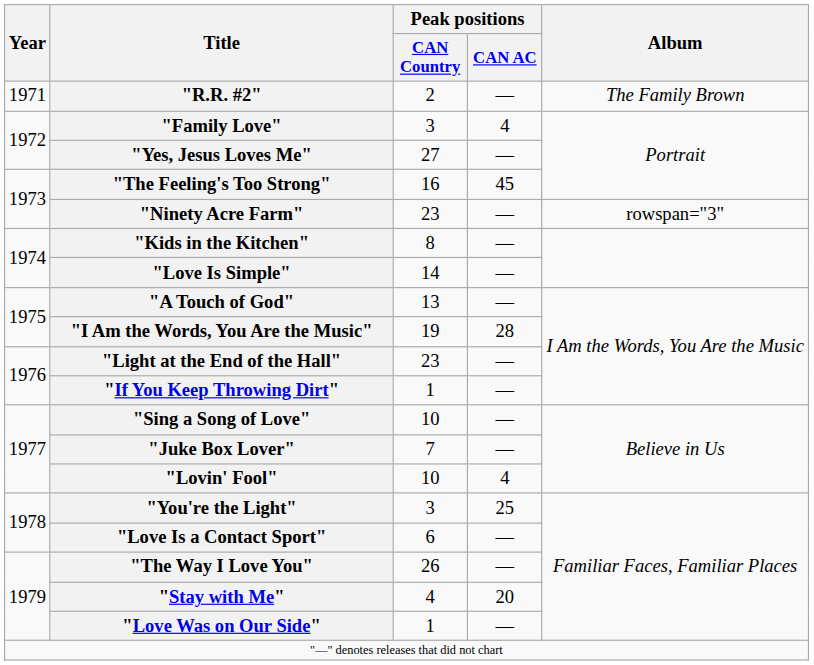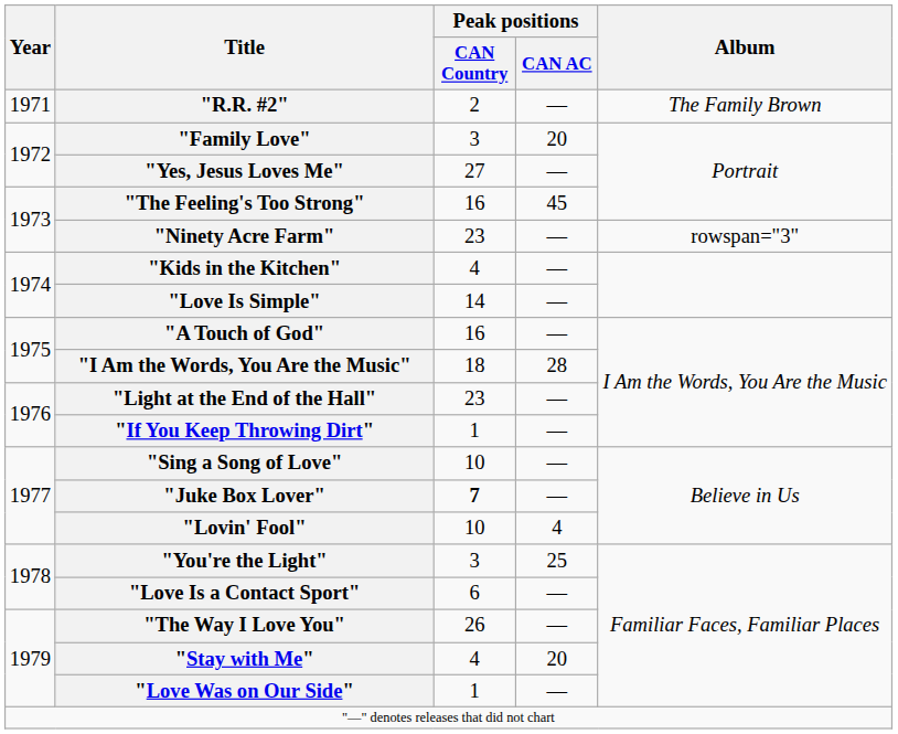 <table class="wikitable plainrowheaders" style=text-align:center;>
 <tr>
 <th scope="col" rowspan="2">Year</th>
 <th scope="col" rowspan="2" style="width:18em;">Title</th>
 <th scope="col" colspan="2">Peak positions</th>
 <th scope="col" rowspan="2">Album</th>
 </tr>
 <tr>
 <th style="width:4em;font-size:90%;"><a href='#'>CAN Country</a><br></th>
 <th style="width:4em;font-size:90%;"><a href='#'>CAN AC</a><br></th>
 </tr>
 <tr>
 <td>1971</td>
 <th scope="row">"R.R. #2"</th>
 <td>2</td>
 <td>—</td>
 <td><em>The Family Brown</em></td>
 </tr>
 <tr>
 <td rowspan="2">1972</td>
 <th scope="row">"Family Love"</th>
 <td>3</td>
-<td>4</td>
+<td>20</td>
 <td rowspan="3"><em>Portrait</em></td>
 </tr>
 <tr>
 <th scope="row">"Yes, Jesus Loves Me"</th>
 <td>27</td>
 <td>—</td>
 </tr>
 <tr>
 <td rowspan="2">1973</td>
 <th scope="row">"The Feeling's Too Strong"</th>
 <td>16</td>
 <td>45</td>
 </tr>
 <tr>
 <th scope="row">"Ninety Acre Farm"</th>
 <td>23</td>
 <td>—</td>
 <td>rowspan="3" </td>
 </tr>
 <tr>
 <td rowspan="2">1974</td>
 <th scope="row">"Kids in the Kitchen"</th>
-<td>8</td>
+<td>4</td>
 <td>—</td>
 </tr>
 <tr>
 <th scope="row">"Love Is Simple"</th>
 <td>14</td>
 <td>—</td>
 </tr>
 <tr>
 <td rowspan="2">1975</td>
 <th scope="row">"A Touch of God"</th>
-<td>13</td>
+<td>16</td>
 <td>—</td>
 <td rowspan="4"><em>I Am the Words, You Are the Music</em></td>
 </tr>
 <tr>
 <th scope="row">"I Am the Words, You Are the Music"</th>
-<td>19</td>
+<td>18</td>
 <td>28</td>
 </tr>
 <tr>
 <td rowspan="2">1976</td>
 <th scope="row">"Light at the End of the Hall"</th>
 <td>23</td>
 <td>—</td>
 </tr>
 <tr>
 <th scope="row">"<a href='#'>If You Keep Throwing Dirt</a>"</th>
 <td>1</td>
 <td>—</td>
 </tr>
 <tr>
 <td rowspan="3">1977</td>
 <th scope="row">"Sing a Song of Love"</th>
 <td>10</td>
 <td>—</td>
 <td rowspan="3"><em>Believe in Us</em></td>
 </tr>
 <tr>
 <th scope="row">"Juke Box Lover"</th>
-<td>7</td>
+<td><strong>7</strong></td>
 <td>—</td>
 </tr>
 <tr>
 <th scope="row">"Lovin' Fool"</th>
 <td>10</td>
 <td>4</td>
 </tr>
 <tr>
 <td rowspan="2">1978</td>
 <th scope="row">"You're the Light"</th>
 <td>3</td>
 <td>25</td>
 <td rowspan="5"><em>Familiar Faces, Familiar Places</em></td>
 </tr>
 <tr>
 <th scope="row">"Love Is a Contact Sport"</th>
 <td>6</td>
 <td>—</td>
 </tr>
 <tr>
 <td rowspan="3">1979</td>
 <th scope="row">"The Way I Love You"</th>
 <td>26</td>
 <td>—</td>
 </tr>
 <tr>
 <th scope="row">"<a href='#'>Stay with Me</a>"</th>
 <td>4</td>
 <td>20</td>
 </tr>
 <tr>
 <th scope="row">"<a href='#'>Love Was on Our Side</a>"</th>
 <td>1</td>
 <td>—</td>
 </tr>
 <tr>
 <td colspan="5" style="font-size:8pt">"—" denotes releases that did not chart</td>
 </tr>
 </table>
